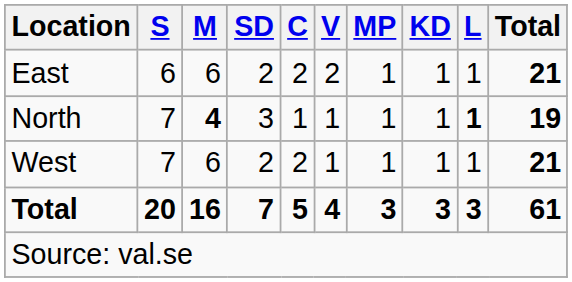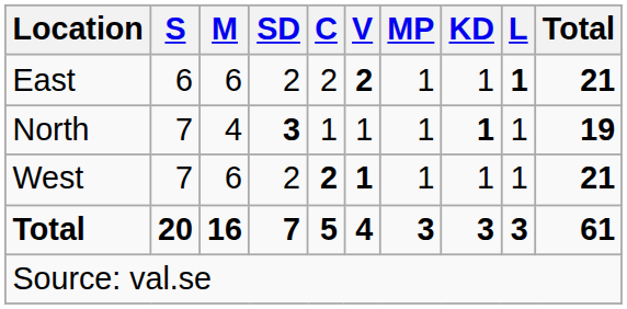 <table class="wikitable sortable" style=text-align:right>
 <tr>
 <th>Location</th>
 <th><a href='#'>S</a></th>
 <th><a href='#'>M</a></th>
 <th><a href='#'>SD</a></th>
 <th><a href='#'>C</a></th>
 <th><a href='#'>V</a></th>
 <th><a href='#'>MP</a></th>
 <th><a href='#'>KD</a></th>
 <th><a href='#'>L</a></th>
 <th>Total</th>
 </tr>
 <tr>
 <td align=left>East</td>
 <td>6</td>
 <td>6</td>
 <td>2</td>
 <td>2</td>
-<td>2</td>
+<td><strong>2</strong></td>
 <td>1</td>
 <td>1</td>
-<td>1</td>
+<td><strong>1</strong></td>
 <td><strong>21</strong></td>
 </tr>
 <tr>
 <td align=left>North</td>
 <td>7</td>
-<td><strong>4</strong></td>
-<td>3</td>
-<td>1</td>
+<td>4</td>
+<td><strong>3</strong></td>
 <td>1</td>
 <td>1</td>
 <td>1</td>
 <td><strong>1</strong></td>
+<td>1</td>
 <td><strong>19</strong></td>
 </tr>
 <tr>
 <td align=left>West</td>
 <td>7</td>
 <td>6</td>
 <td>2</td>
-<td>2</td>
-<td>1</td>
+<td><strong>2</strong></td>
+<td><strong>1</strong></td>
 <td>1</td>
 <td>1</td>
 <td>1</td>
 <td><strong>21</strong></td>
 </tr>
 <tr>
 <td align=left><strong>Total</strong></td>
 <td><strong>20</strong></td>
 <td><strong>16</strong></td>
 <td><strong>7</strong></td>
 <td><strong>5</strong></td>
 <td><strong>4</strong></td>
 <td><strong>3</strong></td>
 <td><strong>3</strong></td>
 <td><strong>3</strong></td>
 <td><strong>61</strong></td>
 </tr>
 <tr>
 <td align=left colspan=10>Source: val.se</td>
 </tr>
 </table>
